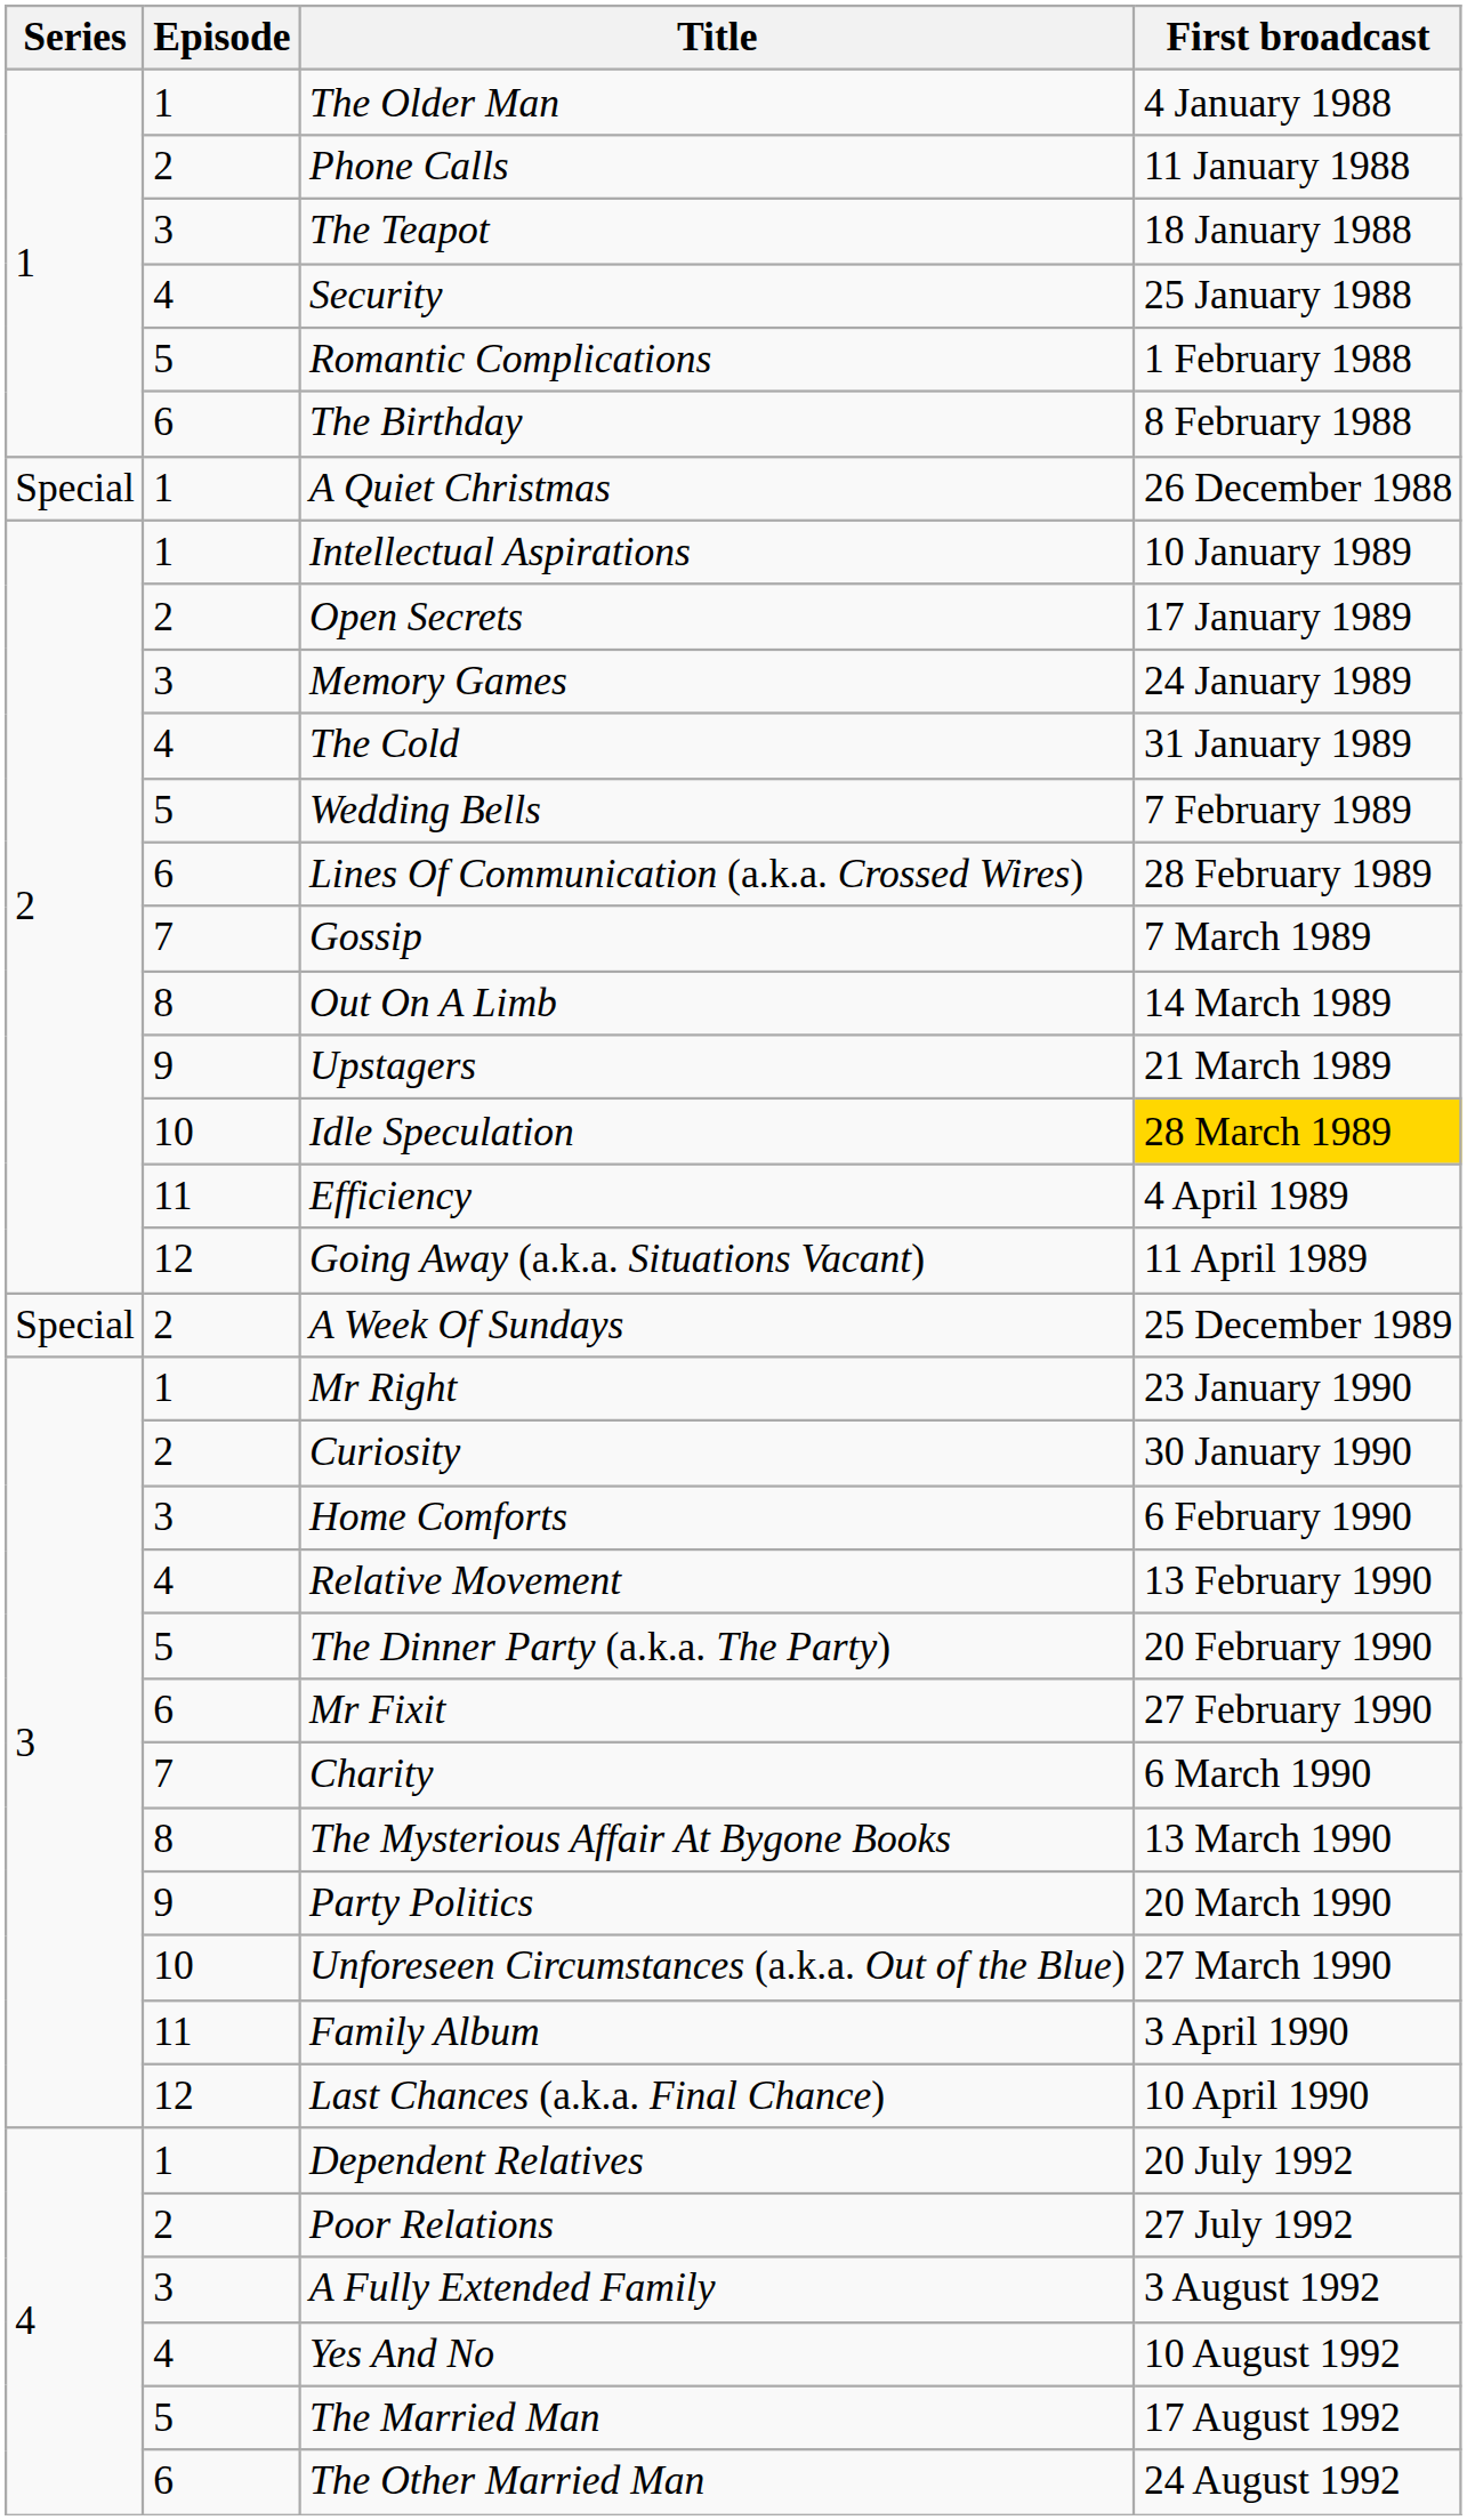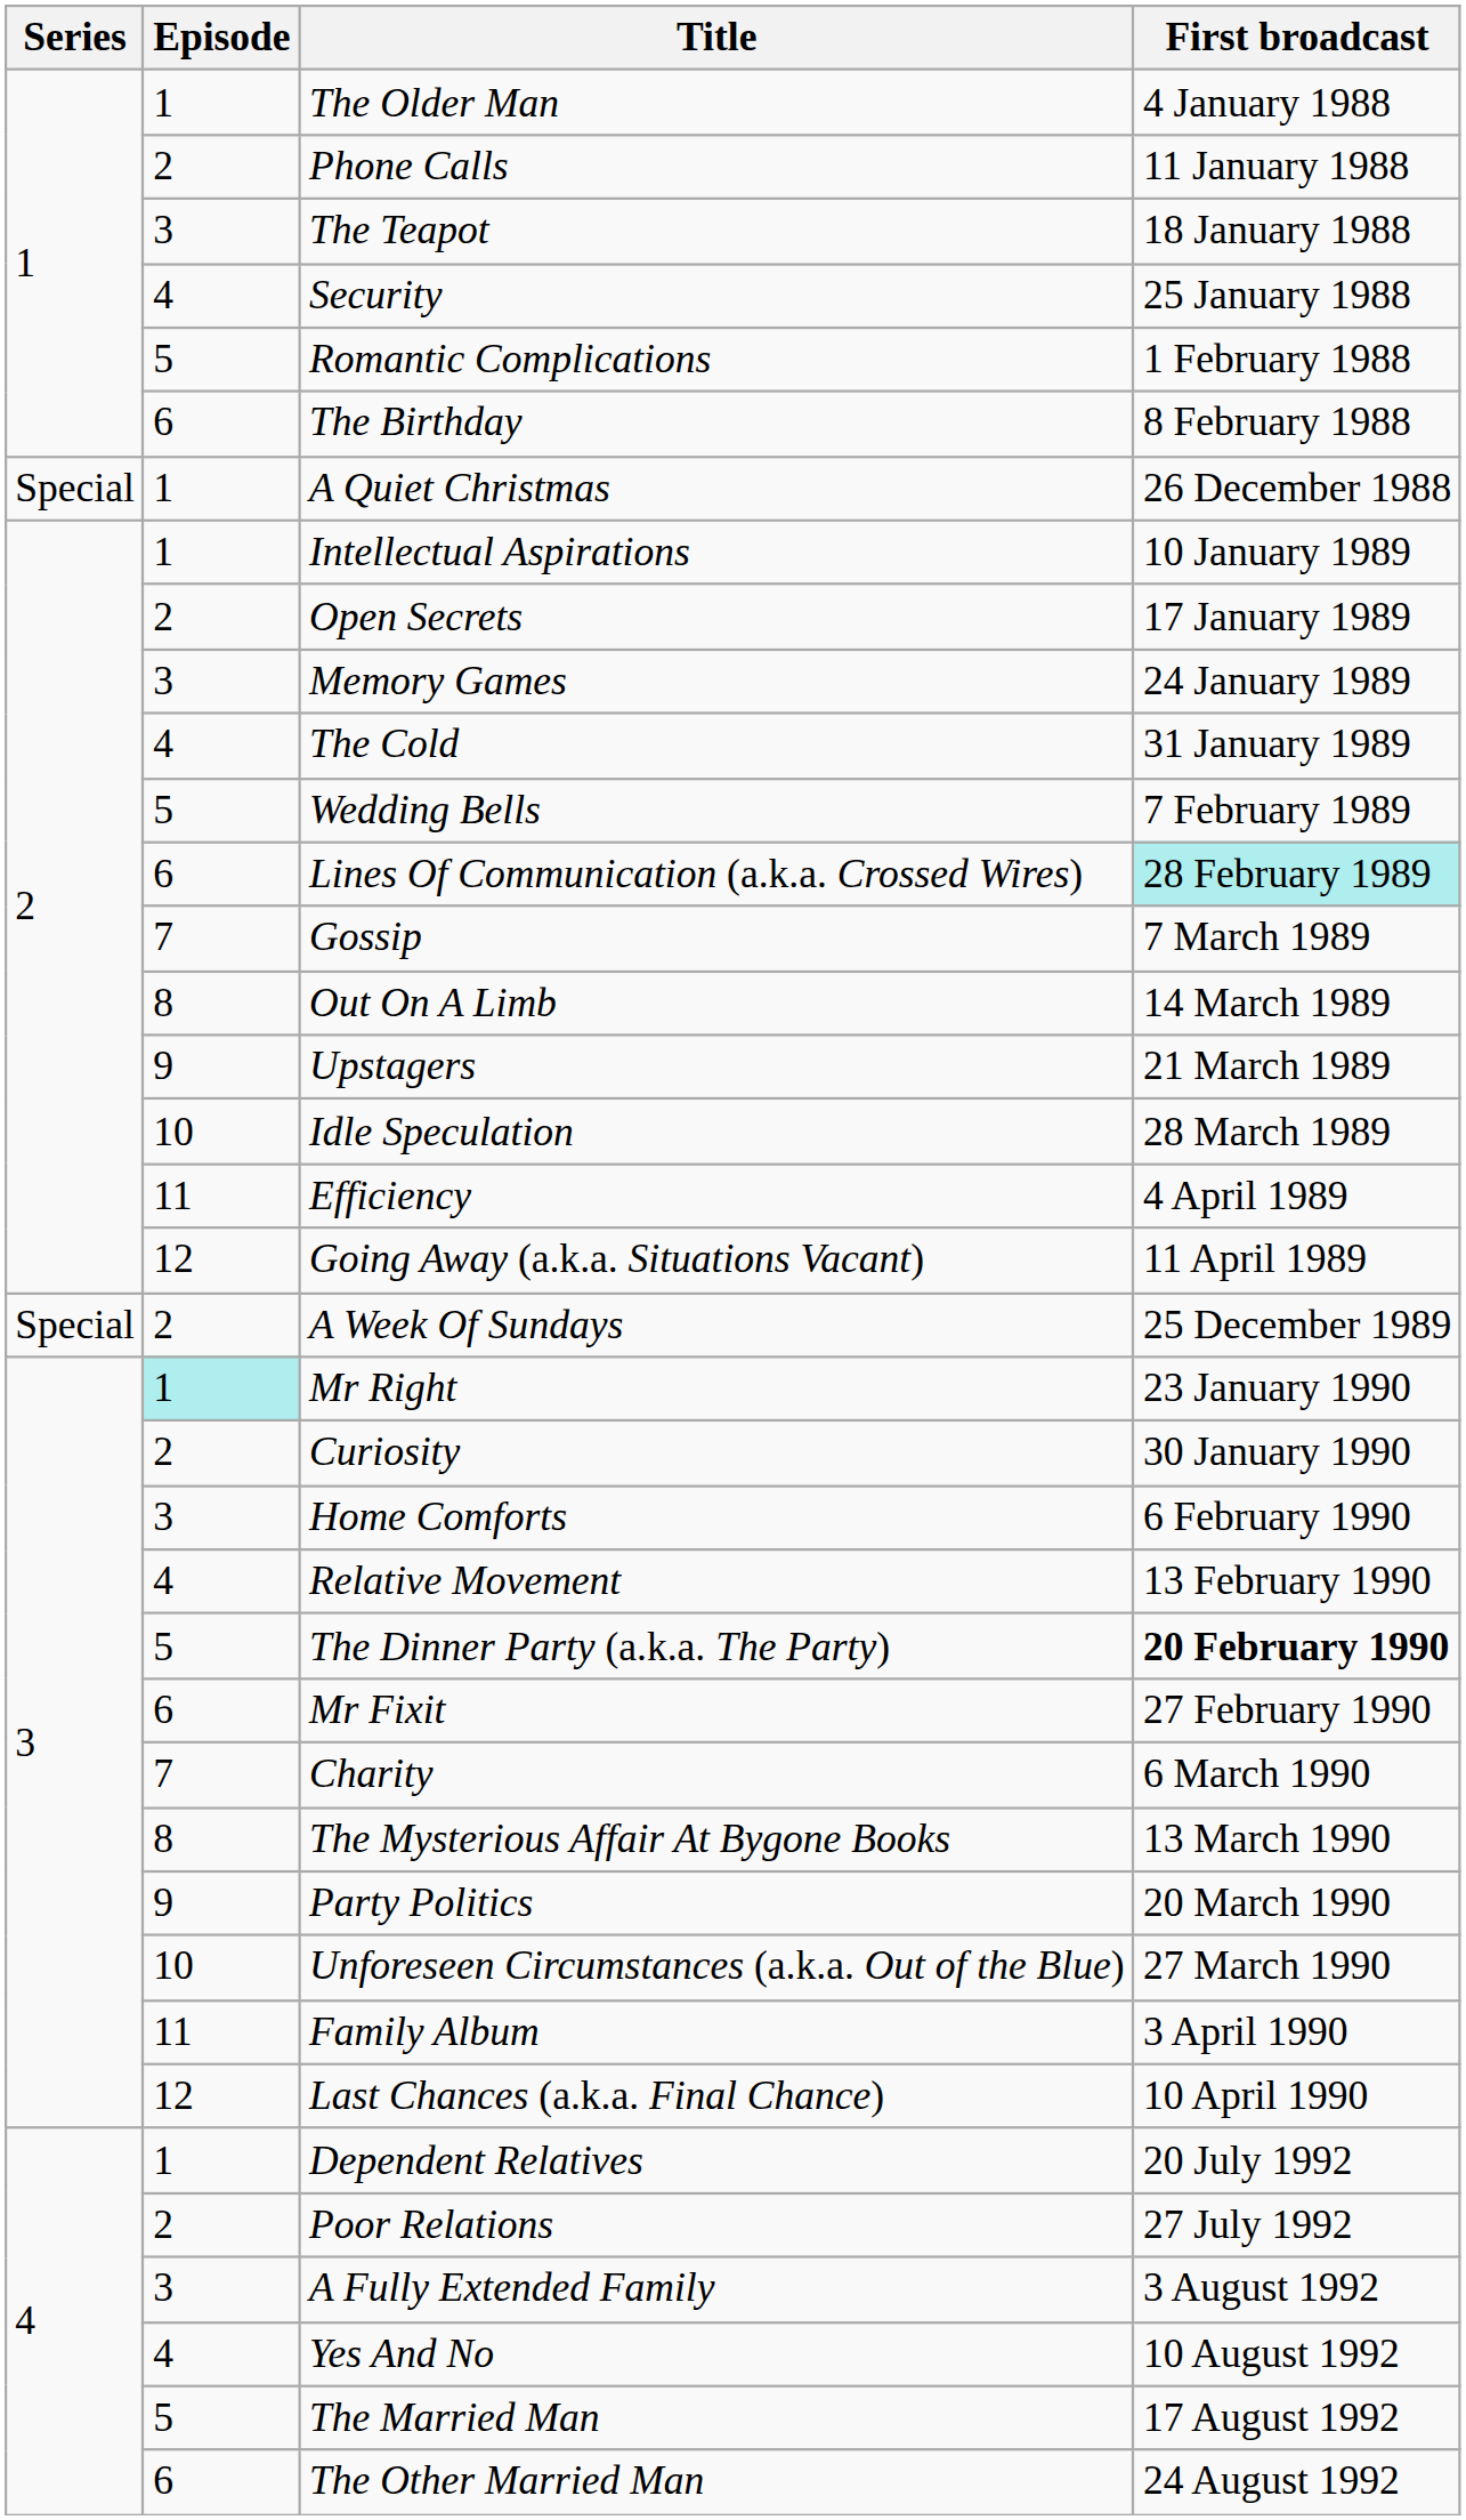 <table class="wikitable">
 <tr>
 <th>Series</th>
 <th>Episode</th>
 <th>Title</th>
 <th>First broadcast</th>
 </tr>
 <tr>
 <td rowspan="6">1</td>
 <td>1</td>
 <td><em>The Older Man</em></td>
 <td>4 January 1988</td>
 </tr>
 <tr>
 <td>2</td>
 <td><em>Phone Calls</em></td>
 <td>11 January 1988</td>
 </tr>
 <tr>
 <td>3</td>
 <td><em>The Teapot</em></td>
 <td>18 January 1988</td>
 </tr>
 <tr>
 <td>4</td>
 <td><em>Security</em></td>
 <td>25 January 1988</td>
 </tr>
 <tr>
 <td>5</td>
 <td><em>Romantic Complications</em></td>
 <td>1 February 1988</td>
 </tr>
 <tr>
 <td>6</td>
 <td><em>The Birthday</em></td>
 <td>8 February 1988</td>
 </tr>
 <tr>
 <td>Special</td>
 <td>1</td>
 <td><em>A Quiet Christmas</em></td>
 <td>26 December 1988</td>
 </tr>
 <tr>
 <td rowspan="12">2</td>
 <td>1</td>
 <td><em>Intellectual Aspirations</em></td>
 <td>10 January 1989</td>
 </tr>
 <tr>
 <td>2</td>
 <td><em>Open Secrets</em></td>
 <td>17 January 1989</td>
 </tr>
 <tr>
 <td>3</td>
 <td><em>Memory Games</em></td>
 <td>24 January 1989</td>
 </tr>
 <tr>
 <td>4</td>
 <td><em>The Cold</em></td>
 <td>31 January 1989</td>
 </tr>
 <tr>
 <td>5</td>
 <td><em>Wedding Bells</em></td>
 <td>7 February 1989</td>
 </tr>
 <tr>
 <td>6</td>
 <td><em>Lines Of Communication</em> (a.k.a. <em>Crossed Wires</em>)</td>
-<td>28 February 1989</td>
+<td style="background: paleturquoise;">28 February 1989</td>
 </tr>
 <tr>
 <td>7</td>
 <td><em>Gossip</em></td>
 <td>7 March 1989</td>
 </tr>
 <tr>
 <td>8</td>
 <td><em>Out On A Limb</em></td>
 <td>14 March 1989</td>
 </tr>
 <tr>
 <td>9</td>
 <td><em>Upstagers</em></td>
 <td>21 March 1989</td>
 </tr>
 <tr>
 <td>10</td>
 <td><em>Idle Speculation</em></td>
-<td style="background: gold;">28 March 1989</td>
+<td>28 March 1989</td>
 </tr>
 <tr>
 <td>11</td>
 <td><em>Efficiency</em></td>
 <td>4 April 1989</td>
 </tr>
 <tr>
 <td>12</td>
 <td><em>Going Away</em> (a.k.a. <em>Situations Vacant</em>)</td>
 <td>11 April 1989</td>
 </tr>
 <tr>
 <td>Special</td>
 <td>2</td>
 <td><em>A Week Of Sundays</em></td>
 <td>25 December 1989</td>
 </tr>
 <tr>
 <td rowspan="12">3</td>
-<td>1</td>
+<td style="background: paleturquoise;">1</td>
 <td><em>Mr Right</em></td>
 <td>23 January 1990</td>
 </tr>
 <tr>
 <td>2</td>
 <td><em>Curiosity</em></td>
 <td>30 January 1990</td>
 </tr>
 <tr>
 <td>3</td>
 <td><em>Home Comforts</em></td>
 <td>6 February 1990</td>
 </tr>
 <tr>
 <td>4</td>
 <td><em>Relative Movement</em></td>
 <td>13 February 1990</td>
 </tr>
 <tr>
 <td>5</td>
 <td><em>The Dinner Party</em> (a.k.a. <em>The Party</em>)</td>
-<td>20 February 1990</td>
+<td><strong>20 February 1990</strong></td>
 </tr>
 <tr>
 <td>6</td>
 <td><em>Mr Fixit</em></td>
 <td>27 February 1990</td>
 </tr>
 <tr>
 <td>7</td>
 <td><em>Charity</em></td>
 <td>6 March 1990</td>
 </tr>
 <tr>
 <td>8</td>
 <td><em>The Mysterious Affair At Bygone Books</em></td>
 <td>13 March 1990</td>
 </tr>
 <tr>
 <td>9</td>
 <td><em>Party Politics</em></td>
 <td>20 March 1990</td>
 </tr>
 <tr>
 <td>10</td>
 <td><em>Unforeseen Circumstances</em> (a.k.a. <em>Out of the Blue</em>)</td>
 <td>27 March 1990</td>
 </tr>
 <tr>
 <td>11</td>
 <td><em>Family Album</em></td>
 <td>3 April 1990</td>
 </tr>
 <tr>
 <td>12</td>
 <td><em>Last Chances</em> (a.k.a. <em>Final Chance</em>)</td>
 <td>10 April 1990</td>
 </tr>
 <tr>
 <td rowspan="6">4</td>
 <td>1</td>
 <td><em>Dependent Relatives</em></td>
 <td>20 July 1992</td>
 </tr>
 <tr>
 <td>2</td>
 <td><em>Poor Relations</em></td>
 <td>27 July 1992</td>
 </tr>
 <tr>
 <td>3</td>
 <td><em>A Fully Extended Family</em></td>
 <td>3 August 1992</td>
 </tr>
 <tr>
 <td>4</td>
 <td><em>Yes And No</em></td>
 <td>10 August 1992</td>
 </tr>
 <tr>
 <td>5</td>
 <td><em>The Married Man</em></td>
 <td>17 August 1992</td>
 </tr>
 <tr>
 <td>6</td>
 <td><em>The Other Married Man</em></td>
 <td>24 August 1992</td>
 </tr>
 <tr>
 </tr>
 </table>
